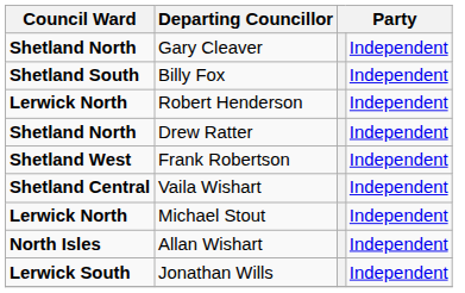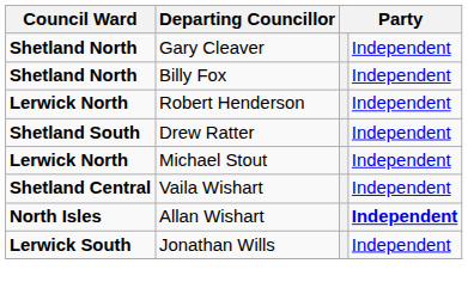 <table class="wikitable sortable">
 <tr>
 <th>Council Ward</th>
 <th>Departing Councillor</th>
 <th colspan="2">Party</th>
 </tr>
 <tr>
 <td><strong>Shetland North</strong></td>
 <td>Gary Cleaver</td>
 <th style="background-color: "></th>
 <td><a href='#'>Independent</a></td>
 </tr>
 <tr>
-<td><strong>Shetland South</strong></td>
+<td><strong>Shetland North</strong></td>
 <td>Billy Fox</td>
 <th style="background-color: "></th>
 <td><a href='#'>Independent</a></td>
 </tr>
 <tr>
 <td><strong>Lerwick North</strong></td>
 <td>Robert Henderson</td>
 <th style="background-color: "></th>
 <td><a href='#'>Independent</a></td>
 </tr>
 <tr>
-<td><strong>Shetland North</strong></td>
+<td><strong>Shetland South</strong></td>
 <td>Drew Ratter</td>
 <th style="background-color: "></th>
 <td><a href='#'>Independent</a></td>
 </tr>
 <tr>
-<td><strong>Shetland West</strong></td>
-<td>Frank Robertson</td>
+<td><strong>Lerwick North</strong></td>
+<td>Michael Stout</td>
 <th style="background-color: "></th>
 <td><a href='#'>Independent</a></td>
 </tr>
 <tr>
 <td><strong>Shetland Central</strong></td>
 <td>Vaila Wishart</td>
 <th style="background-color: "></th>
 <td><a href='#'>Independent</a></td>
 </tr>
 <tr>
-<td><strong>Lerwick North</strong></td>
-<td>Michael Stout</td>
-<th style="background-color: "></th>
-<td><a href='#'>Independent</a></td>
-</tr>
-<tr>
 <td><strong>North Isles</strong></td>
 <td>Allan Wishart</td>
 <th style="background-color: "></th>
-<td><a href='#'>Independent</a></td>
+<td><strong><a href='#'>Independent</a></strong></td>
 </tr>
 <tr>
 <td><strong>Lerwick South</strong></td>
 <td>Jonathan Wills</td>
 <th style="background-color: "></th>
 <td><a href='#'>Independent</a></td>
 </tr>
 <tr>
 </tr>
 </table>
